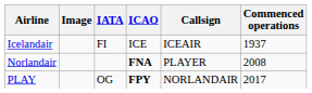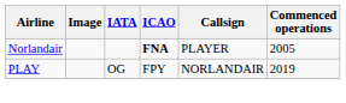 <table class="wikitable sortable" style="border: 0; cellpadding: 2; cellspacing: 3;">
 <tr valign="middle">
 <th>Airline</th>
 <th>Image</th>
 <th><a href='#'>IATA</a></th>
 <th><a href='#'>ICAO</a></th>
 <th>Callsign</th>
 <th>Commenced<br>operations</th>
 </tr>
 <tr>
-<td><a href='#'>Icelandair</a></td>
-<td></td>
-<td>FI</td>
-<td>ICE</td>
-<td>ICEAIR</td>
-<td>1937</td>
-</tr>
-<tr>
 <td><a href='#'>Norlandair</a></td>
 <td></td>
 <td></td>
 <td><strong>FNA</strong></td>
 <td>PLAYER</td>
-<td>2008</td>
+<td>2005</td>
 </tr>
 <tr>
 <td><a href='#'>PLAY</a></td>
 <td></td>
 <td>OG</td>
-<td><strong>FPY</strong></td>
+<td>FPY</td>
 <td>NORLANDAIR</td>
-<td>2017</td>
+<td>2019</td>
 </tr>
 <tr>
 </tr>
 </table>
